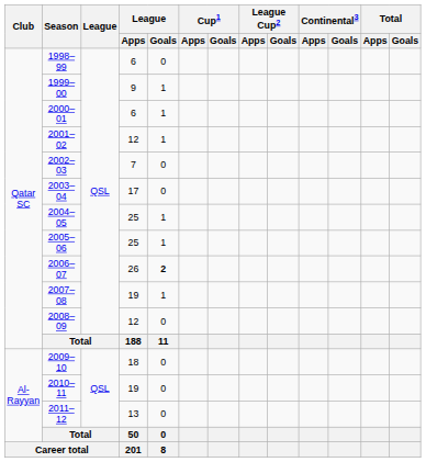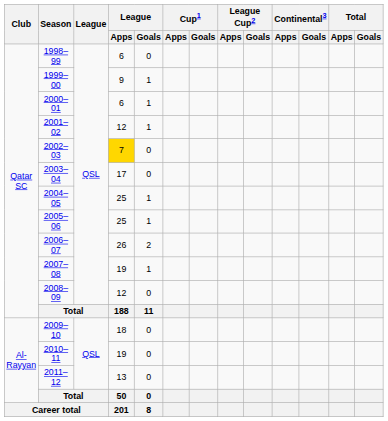 <table class="wikitable" style="font-size:90%; text-align:center;">
 <tr>
 <th rowspan="2">Club</th>
 <th rowspan="2">Season</th>
 <th rowspan="2">League</th>
 <th colspan="2">League</th>
 <th colspan="2">Cup<sup><a href='#'>1</a></sup></th>
 <th colspan="2">League Cup<sup><a href='#'>2</a></sup></th>
 <th colspan="2">Continental<sup><a href='#'>3</a></sup></th>
 <th colspan="2">Total</th>
 </tr>
 <tr>
 <th>Apps</th>
 <th>Goals</th>
 <th>Apps</th>
 <th>Goals</th>
 <th>Apps</th>
 <th>Goals</th>
 <th>Apps</th>
 <th>Goals</th>
 <th>Apps</th>
 <th>Goals</th>
 </tr>
 <tr>
 <td rowspan="12"><a href='#'>Qatar SC</a></td>
 <td><a href='#'>1998–99</a></td>
 <td rowspan="11" valign="center"><a href='#'>QSL</a></td>
 <td>6</td>
 <td>0</td>
 <td></td>
 <td></td>
 <td></td>
 <td></td>
 <td></td>
 <td></td>
 <td></td>
 <td></td>
 </tr>
 <tr>
 <td><a href='#'>1999–00</a></td>
 <td>9</td>
 <td>1</td>
 <td></td>
 <td></td>
 <td></td>
 <td></td>
 <td></td>
 <td></td>
 <td></td>
 <td></td>
 </tr>
 <tr>
 <td><a href='#'>2000–01</a></td>
 <td>6</td>
 <td>1</td>
 <td></td>
 <td></td>
 <td></td>
 <td></td>
 <td></td>
 <td></td>
 <td></td>
 <td></td>
 </tr>
 <tr>
 <td><a href='#'>2001–02</a></td>
 <td>12</td>
 <td>1</td>
 <td></td>
 <td></td>
 <td></td>
 <td></td>
 <td></td>
 <td></td>
 <td></td>
 <td></td>
 </tr>
 <tr>
 <td><a href='#'>2002–03</a></td>
-<td>7</td>
+<td style="background: gold;">7</td>
 <td>0</td>
 <td></td>
 <td></td>
 <td></td>
 <td></td>
 <td></td>
 <td></td>
 <td></td>
 <td></td>
 </tr>
 <tr>
 <td><a href='#'>2003–04</a></td>
 <td>17</td>
 <td>0</td>
 <td></td>
 <td></td>
 <td></td>
 <td></td>
 <td></td>
 <td></td>
 <td></td>
 <td></td>
 </tr>
 <tr>
 <td><a href='#'>2004–05</a></td>
 <td>25</td>
 <td>1</td>
 <td></td>
 <td></td>
 <td></td>
 <td></td>
 <td></td>
 <td></td>
 <td></td>
 <td></td>
 </tr>
 <tr>
 <td><a href='#'>2005–06</a></td>
 <td>25</td>
 <td>1</td>
 <td></td>
 <td></td>
 <td></td>
 <td></td>
 <td></td>
 <td></td>
 <td></td>
 <td></td>
 </tr>
 <tr>
 <td><a href='#'>2006–07</a></td>
 <td>26</td>
-<td><strong>2</strong></td>
+<td>2</td>
 <td></td>
 <td></td>
 <td></td>
 <td></td>
 <td></td>
 <td></td>
 <td></td>
 <td></td>
 </tr>
 <tr>
 <td><a href='#'>2007–08</a></td>
 <td>19</td>
 <td>1</td>
 <td></td>
 <td></td>
 <td></td>
 <td></td>
 <td></td>
 <td></td>
 <td></td>
 <td></td>
 </tr>
 <tr>
 <td><a href='#'>2008–09</a></td>
 <td>12</td>
 <td>0</td>
 <td></td>
 <td></td>
 <td></td>
 <td></td>
 <td></td>
 <td></td>
 <td></td>
 <td></td>
 </tr>
 <tr>
 <th colspan="2">Total</th>
 <th>188</th>
 <th>11</th>
 <th></th>
 <th></th>
 <th></th>
 <th></th>
 <th></th>
 <th></th>
 <th></th>
 <th></th>
 </tr>
 <tr>
 <td rowspan="4"><a href='#'>Al-Rayyan</a></td>
 <td><a href='#'>2009–10</a></td>
 <td rowspan="3" valign="center"><a href='#'>QSL</a></td>
 <td>18</td>
 <td>0</td>
 <td></td>
 <td></td>
 <td></td>
 <td></td>
 <td></td>
 <td></td>
 <td></td>
 <td></td>
 </tr>
 <tr>
 <td><a href='#'>2010–11</a></td>
 <td>19</td>
 <td>0</td>
 <td></td>
 <td></td>
 <td></td>
 <td></td>
 <td></td>
 <td></td>
 <td></td>
 <td></td>
 </tr>
 <tr>
 <td><a href='#'>2011–12</a></td>
 <td>13</td>
 <td>0</td>
 <td></td>
 <td></td>
 <td></td>
 <td></td>
 <td></td>
 <td></td>
 <td></td>
 <td></td>
 </tr>
 <tr>
 <th colspan="2">Total</th>
 <th>50</th>
 <th>0</th>
 <th></th>
 <th></th>
 <th></th>
 <th></th>
 <th></th>
 <th></th>
 <th></th>
 <th></th>
 </tr>
 <tr>
 <th colspan="3">Career total</th>
 <th>201</th>
 <th>8</th>
 <th></th>
 <th></th>
 <th></th>
 <th></th>
 <th></th>
 <th></th>
 <th></th>
 <th></th>
 </tr>
 </table>
